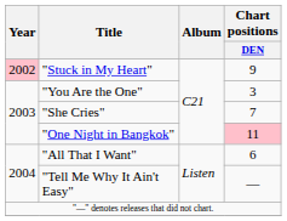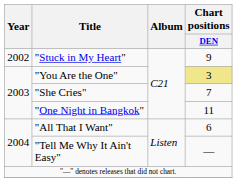 <table class="wikitable">
 <tr>
 <th width="33" rowspan="2" style="text-align:center;">Year</th>
 <th rowspan="2" width="160">Title</th>
 <th rowspan="2">Album</th>
 <th colspan="5">Chart positions</th>
 </tr>
 <tr>
 <th style="width:2em;font-size:80%"><a href='#'>DEN</a></th>
 </tr>
 <tr>
-<td rowspan="1" align="center" style="background: pink;">2002</td>
+<td rowspan="1" align="center">2002</td>
 <td>"<a href='#'>Stuck in My Heart</a>"</td>
 <td rowspan="4"><em>C21</em></td>
 <td align="center">9</td>
 </tr>
 <tr>
 <td rowspan="3" align="center">2003</td>
 <td>"You Are the One"</td>
-<td align="center">3</td>
+<td align="center" style="background: khaki;">3</td>
 </tr>
 <tr>
 <td>"She Cries"</td>
 <td align="center">7</td>
 </tr>
 <tr>
 <td>"<a href='#'>One Night in Bangkok</a>"</td>
-<td align="center" style="background: pink;">11</td>
+<td align="center">11</td>
 </tr>
 <tr>
 <td rowspan="2" align="center">2004</td>
 <td>"All That I Want"</td>
 <td rowspan="2"><em>Listen</em></td>
 <td align="center">6</td>
 </tr>
 <tr>
 <td>"Tell Me Why It Ain't Easy"</td>
 <td align="center">—</td>
 </tr>
 <tr>
 <td align="center" colspan="21" style="font-size: 8pt">"—" denotes releases that did not chart.</td>
 </tr>
 <tr>
 </tr>
 </table>
